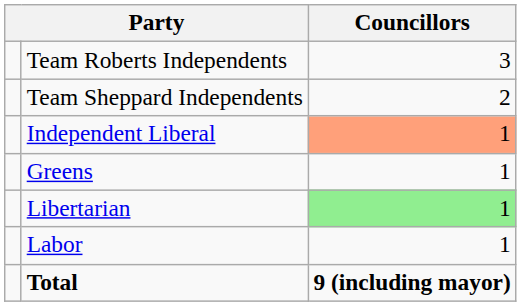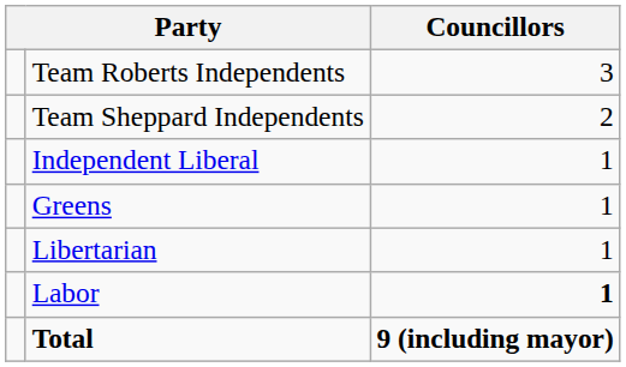 <table class="wikitable">
 <tr>
 <th colspan="2">Party</th>
 <th>Councillors</th>
 </tr>
 <tr>
 <td> </td>
 <td>Team Roberts Independents</td>
 <td align=right>3</td>
 </tr>
 <tr>
 <td> </td>
 <td>Team Sheppard Independents</td>
 <td align=right>2</td>
 </tr>
 <tr>
 <td> </td>
 <td><a href='#'>Independent Liberal</a></td>
-<td align=right style="background: lightsalmon;">1</td>
+<td align=right>1</td>
 </tr>
 <tr>
 <td> </td>
 <td><a href='#'>Greens</a></td>
 <td align=right>1</td>
 </tr>
 <tr>
 <td> </td>
 <td><a href='#'>Libertarian</a></td>
-<td align=right style="background: lightgreen;">1</td>
+<td align=right>1</td>
 </tr>
 <tr>
 <td> </td>
 <td><a href='#'>Labor</a></td>
-<td align=right>1</td>
+<td align=right><strong>1</strong></td>
 </tr>
 <tr>
 <td></td>
 <td><strong>Total</strong></td>
 <td align=right><strong>9 (including mayor)</strong></td>
 </tr>
 </table>
